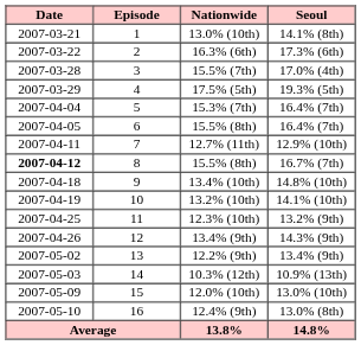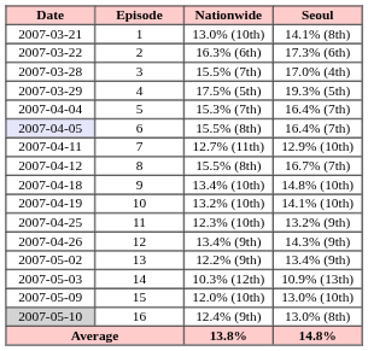 <table border="1" cellpadding="1" cellspacing="0">
 <tr>
 <th width=100 bgcolor="#FFCCCC">Date</th>
 <th width=100 bgcolor="#FFCCCC">Episode</th>
 <th width=100 bgcolor="#FFCCCC">Nationwide</th>
 <th width=100 bgcolor="#FFCCCC">Seoul</th>
 </tr>
 <tr align=center>
 <td>2007-03-21</td>
 <td>1</td>
 <td>13.0% (10th)</td>
 <td>14.1% (8th)</td>
 </tr>
 <tr align=center>
 <td>2007-03-22</td>
 <td>2</td>
 <td>16.3% (6th)</td>
 <td>17.3% (6th)</td>
 </tr>
 <tr align=center>
 <td>2007-03-28</td>
 <td>3</td>
 <td>15.5% (7th)</td>
 <td>17.0% (4th)</td>
 </tr>
 <tr align=center>
 <td>2007-03-29</td>
 <td>4</td>
 <td>17.5% (5th)</td>
 <td>19.3% (5th)</td>
 </tr>
 <tr align=center>
 <td>2007-04-04</td>
 <td>5</td>
 <td>15.3% (7th)</td>
 <td>16.4% (7th)</td>
 </tr>
 <tr align=center>
-<td>2007-04-05</td>
+<td style="background: lavender;">2007-04-05</td>
 <td>6</td>
 <td>15.5% (8th)</td>
 <td>16.4% (7th)</td>
 </tr>
 <tr align=center>
 <td>2007-04-11</td>
 <td>7</td>
 <td>12.7% (11th)</td>
 <td>12.9% (10th)</td>
 </tr>
 <tr align=center>
-<td><strong>2007-04-12</strong></td>
+<td>2007-04-12</td>
 <td>8</td>
 <td>15.5% (8th)</td>
 <td>16.7% (7th)</td>
 </tr>
 <tr align=center>
 <td>2007-04-18</td>
 <td>9</td>
 <td>13.4% (10th)</td>
 <td>14.8% (10th)</td>
 </tr>
 <tr align=center>
 <td>2007-04-19</td>
 <td>10</td>
 <td>13.2% (10th)</td>
 <td>14.1% (10th)</td>
 </tr>
 <tr align=center>
 <td>2007-04-25</td>
 <td>11</td>
 <td>12.3% (10th)</td>
 <td>13.2% (9th)</td>
 </tr>
 <tr align=center>
 <td>2007-04-26</td>
 <td>12</td>
 <td>13.4% (9th)</td>
 <td>14.3% (9th)</td>
 </tr>
 <tr align=center>
 <td>2007-05-02</td>
 <td>13</td>
 <td>12.2% (9th)</td>
 <td>13.4% (9th)</td>
 </tr>
 <tr align=center>
 <td>2007-05-03</td>
 <td>14</td>
 <td>10.3% (12th)</td>
 <td>10.9% (13th)</td>
 </tr>
 <tr align=center>
 <td>2007-05-09</td>
 <td>15</td>
 <td>12.0% (10th)</td>
 <td>13.0% (10th)</td>
 </tr>
 <tr align=center>
-<td>2007-05-10</td>
+<td style="background: lightgrey;">2007-05-10</td>
 <td>16</td>
 <td>12.4% (9th)</td>
 <td>13.0% (8th)</td>
 </tr>
 <tr align="center" style="background:#FFCCCC;">
 <th colspan=2>Average</th>
 <th>13.8%</th>
 <th>14.8%</th>
 </tr>
 </table>
